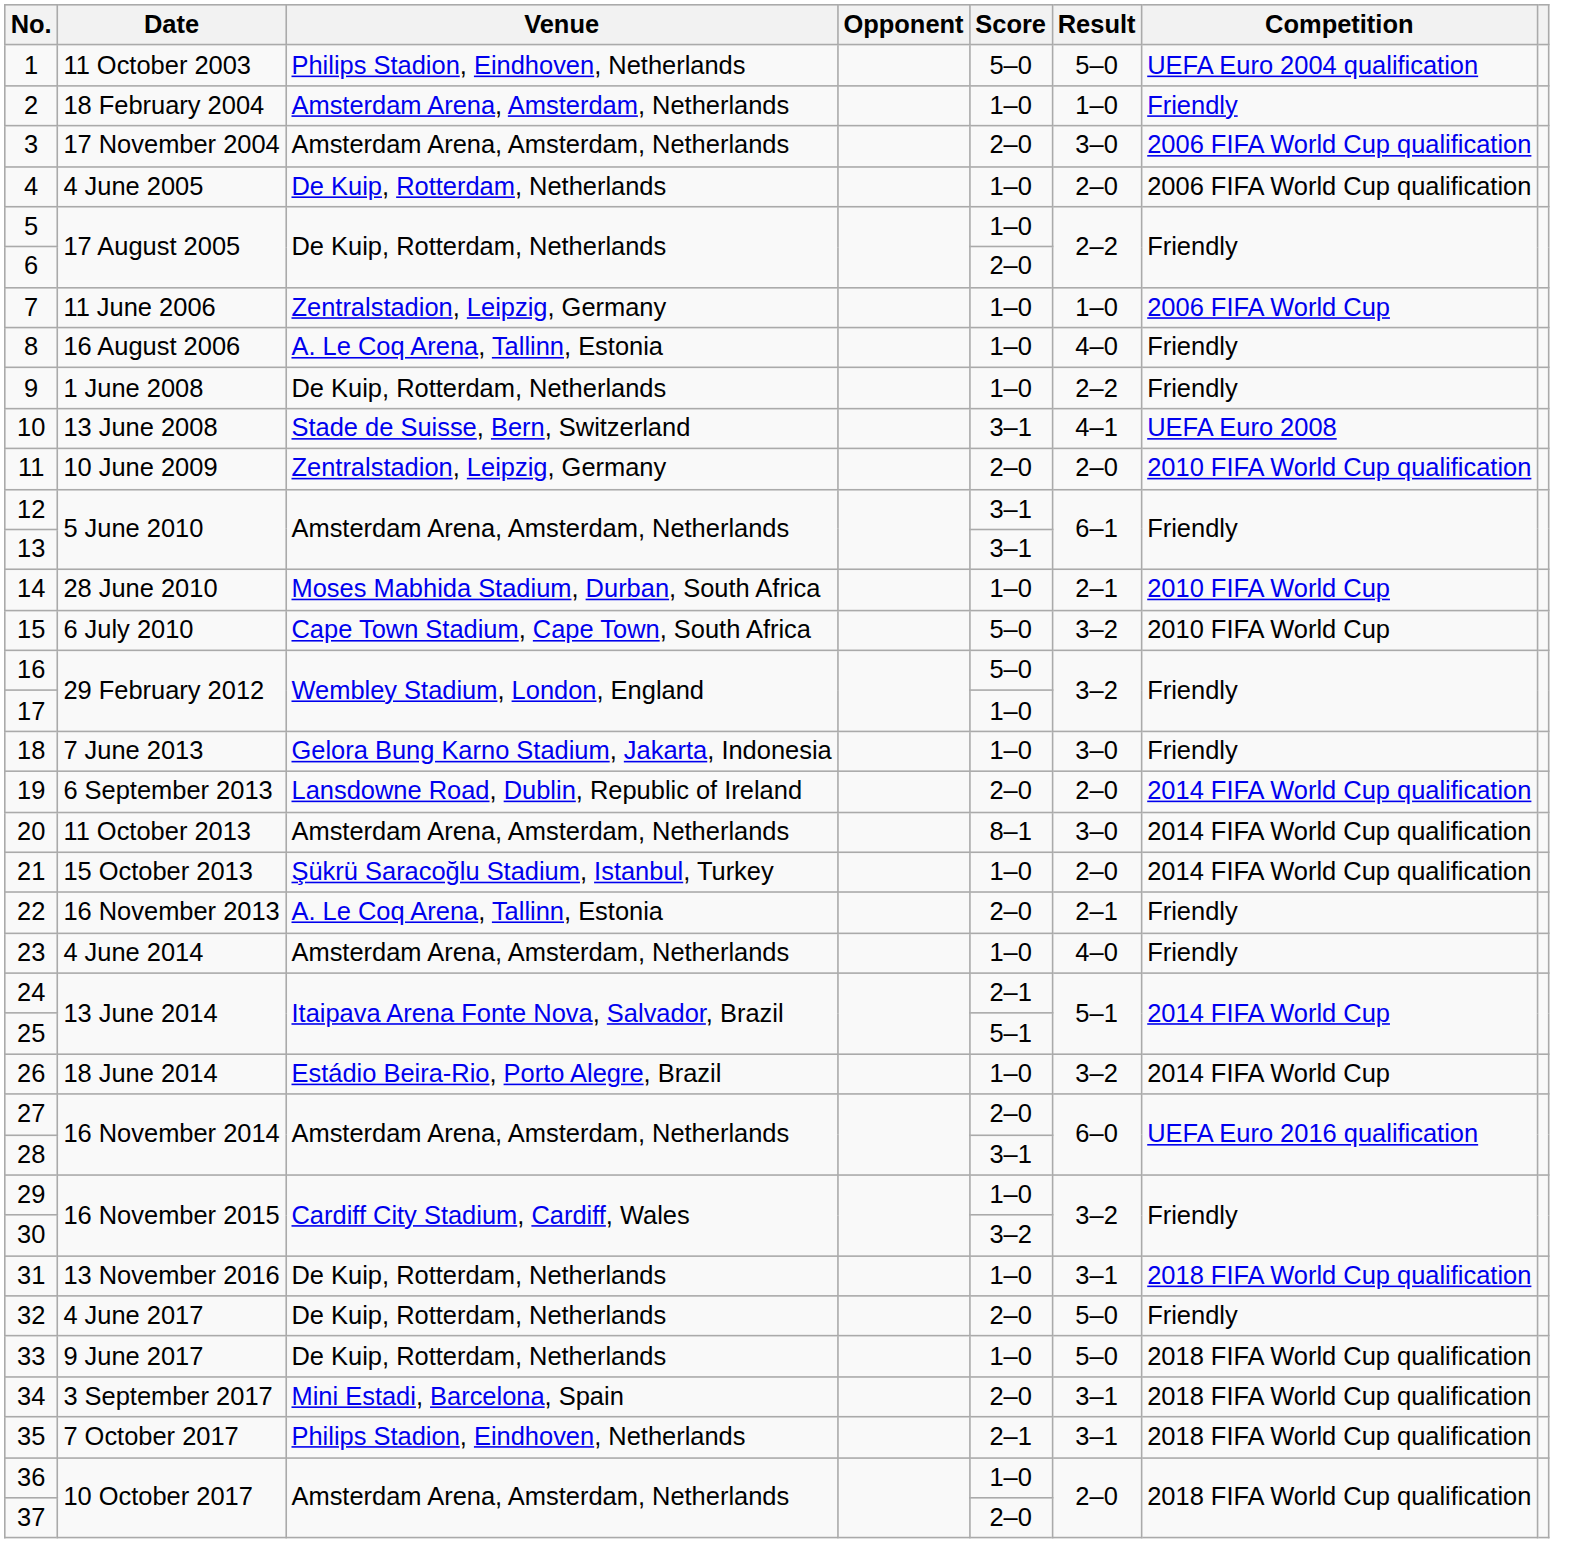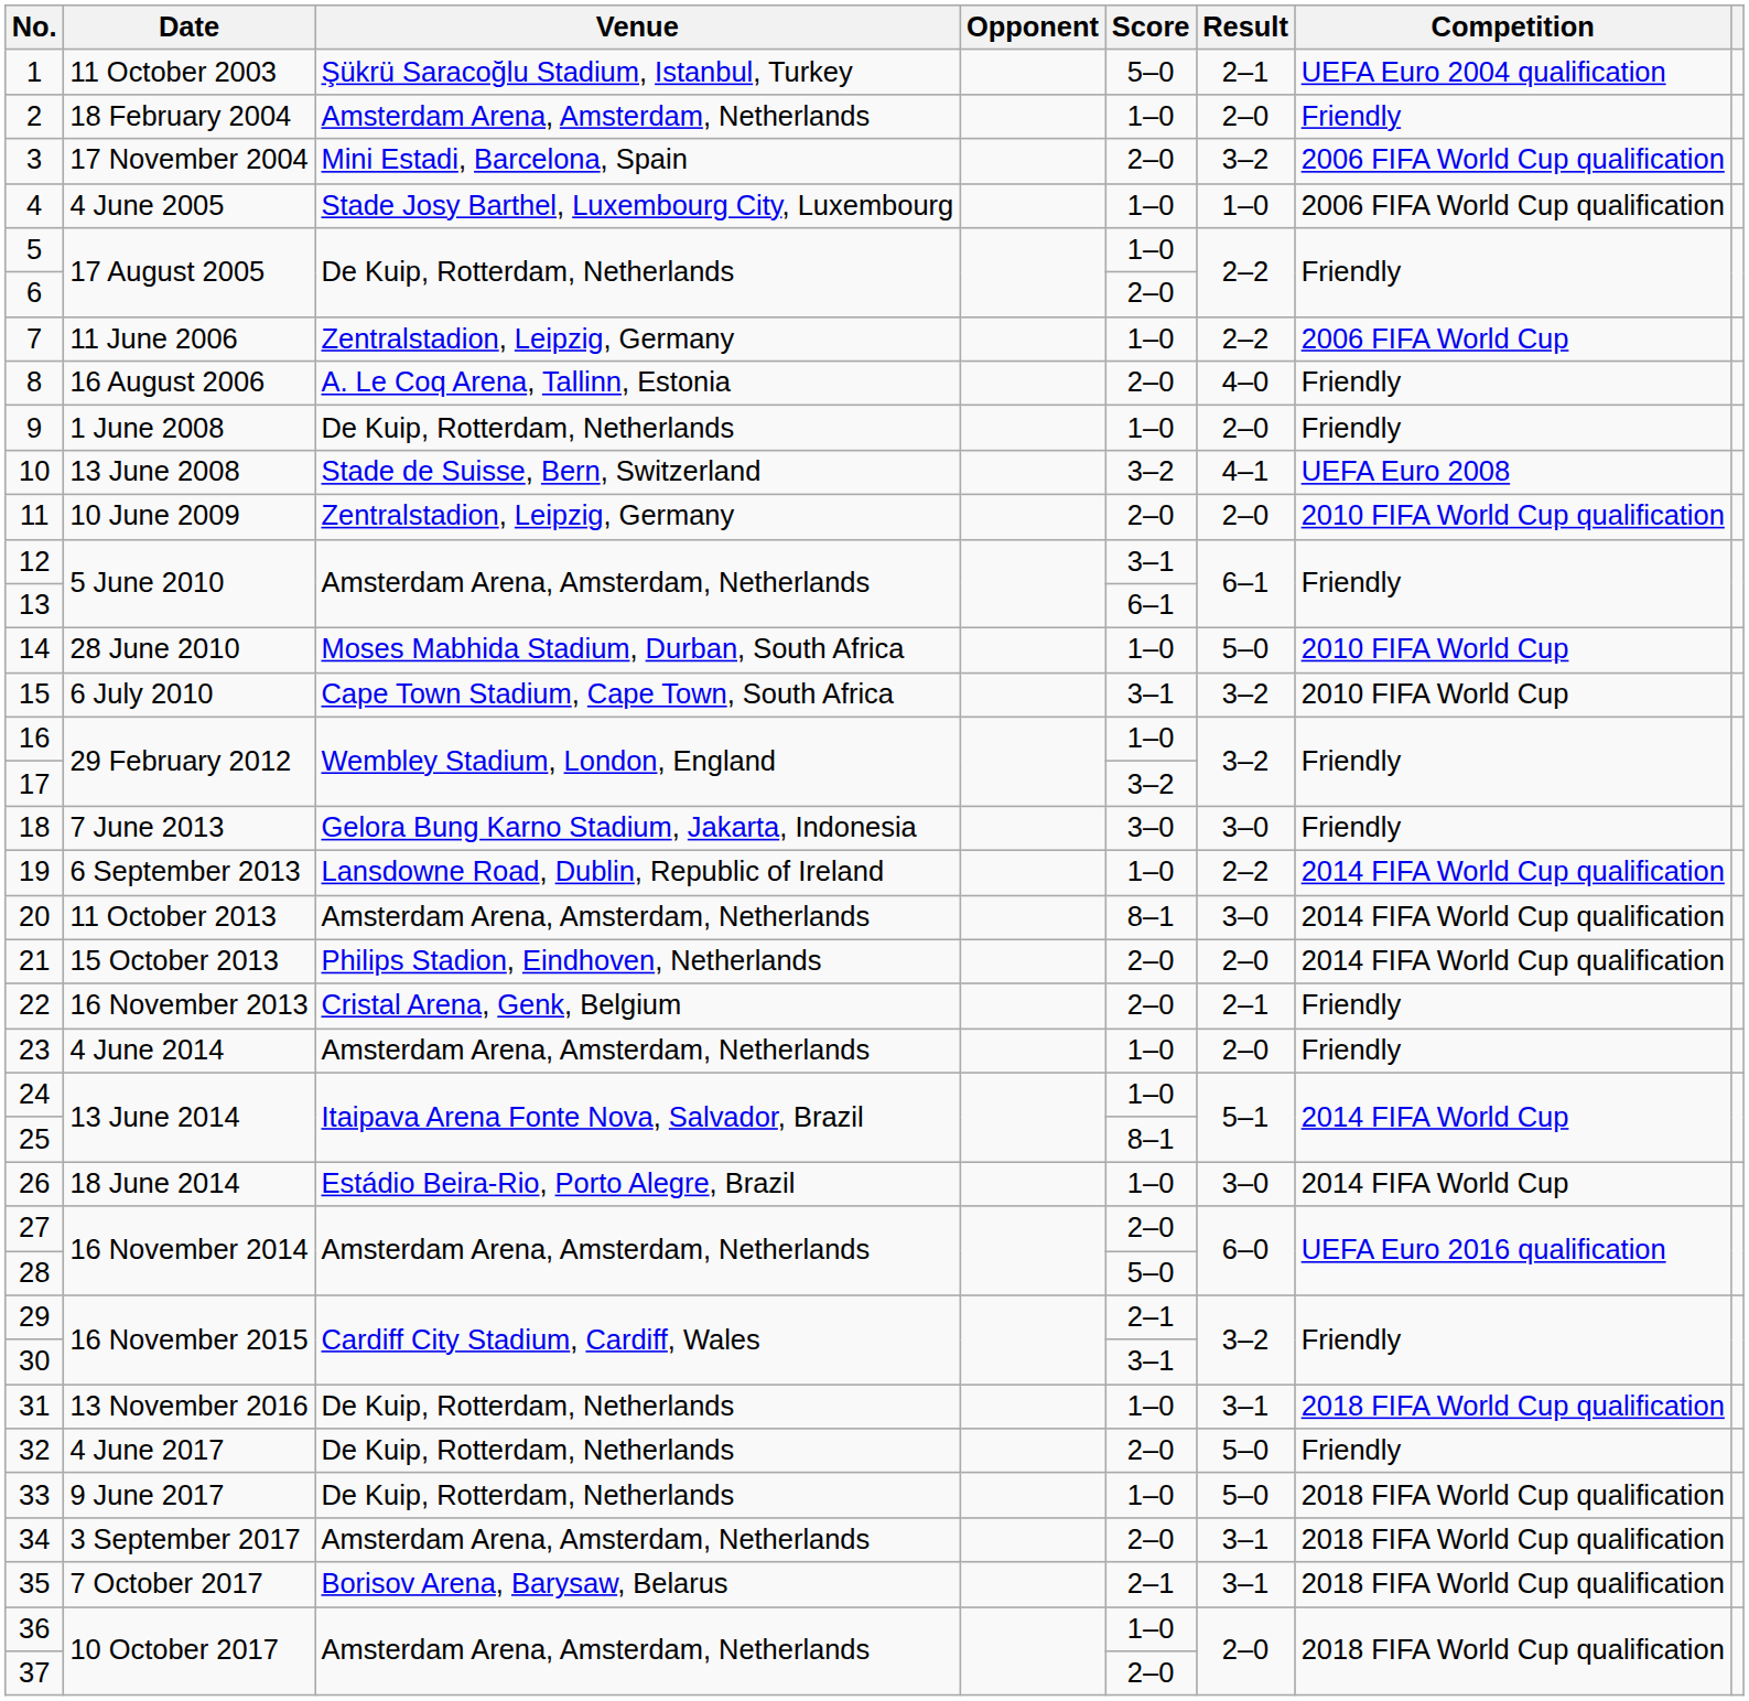 <table class="wikitable sortable">
 <tr>
 <th scope="col">No.</th>
 <th scope="col" data-sort-type="date">Date</th>
 <th scope="col">Venue</th>
 <th scope="col">Opponent</th>
 <th scope="col">Score</th>
 <th scope="col">Result</th>
 <th scope="col">Competition</th>
 <th scope="col" class="unsortable"></th>
 </tr>
 <tr>
 <td align="center">1</td>
 <td>11 October 2003</td>
-<td><a href='#'>Philips Stadion</a>, <a href='#'>Eindhoven</a>, Netherlands</td>
+<td><a href='#'>Şükrü Saracoğlu Stadium</a>, <a href='#'>Istanbul</a>, Turkey</td>
 <td></td>
 <td align="center">5–0</td>
-<td align="center">5–0</td>
+<td align="center">2–1</td>
 <td><a href='#'>UEFA Euro 2004 qualification</a></td>
 <td></td>
 </tr>
 <tr>
 <td align="center">2</td>
 <td>18 February 2004</td>
 <td><a href='#'>Amsterdam Arena</a>, <a href='#'>Amsterdam</a>, Netherlands</td>
 <td></td>
 <td align="center">1–0</td>
-<td align="center">1–0</td>
+<td align="center">2–0</td>
 <td><a href='#'>Friendly</a></td>
 <td></td>
 </tr>
 <tr>
 <td align="center">3</td>
 <td>17 November 2004</td>
-<td>Amsterdam Arena, Amsterdam, Netherlands</td>
+<td><a href='#'>Mini Estadi</a>, <a href='#'>Barcelona</a>, Spain</td>
 <td></td>
 <td align="center">2–0</td>
-<td align="center">3–0</td>
+<td align="center">3–2</td>
 <td><a href='#'>2006 FIFA World Cup qualification</a></td>
 <td></td>
 </tr>
 <tr>
 <td align="center">4</td>
 <td>4 June 2005</td>
-<td><a href='#'>De Kuip</a>, <a href='#'>Rotterdam</a>, Netherlands</td>
+<td><a href='#'>Stade Josy Barthel</a>, <a href='#'>Luxembourg City</a>, Luxembourg</td>
 <td></td>
 <td align="center">1–0</td>
-<td align="center">2–0</td>
+<td align="center">1–0</td>
 <td>2006 FIFA World Cup qualification</td>
 <td></td>
 </tr>
 <tr>
 <td align="center">5</td>
 <td rowspan="2">17 August 2005</td>
 <td rowspan="2">De Kuip, Rotterdam, Netherlands</td>
 <td rowspan="2"></td>
 <td align="center">1–0</td>
 <td rowspan="2" style="text-align:center">2–2</td>
 <td rowspan="2">Friendly</td>
 <td rowspan="2"></td>
 </tr>
 <tr>
 <td align="center">6</td>
 <td align="center">2–0</td>
 </tr>
 <tr>
 <td align="center">7</td>
 <td>11 June 2006</td>
 <td><a href='#'>Zentralstadion</a>, <a href='#'>Leipzig</a>, Germany</td>
 <td></td>
 <td align="center">1–0</td>
-<td align="center">1–0</td>
+<td align="center">2–2</td>
 <td><a href='#'>2006 FIFA World Cup</a></td>
 <td></td>
 </tr>
 <tr>
 <td align="center">8</td>
 <td>16 August 2006</td>
 <td><a href='#'>A. Le Coq Arena</a>, <a href='#'>Tallinn</a>, Estonia</td>
 <td></td>
-<td align="center">1–0</td>
+<td align="center">2–0</td>
 <td align="center">4–0</td>
 <td>Friendly</td>
 <td></td>
 </tr>
 <tr>
 <td align="center">9</td>
 <td>1 June 2008</td>
 <td>De Kuip, Rotterdam, Netherlands</td>
 <td></td>
 <td align="center">1–0</td>
-<td align="center">2–2</td>
+<td align="center">2–0</td>
 <td>Friendly</td>
 <td></td>
 </tr>
 <tr>
 <td align="center">10</td>
 <td>13 June 2008</td>
 <td><a href='#'>Stade de Suisse</a>, <a href='#'>Bern</a>, Switzerland</td>
 <td></td>
-<td align="center">3–1</td>
+<td align="center">3–2</td>
 <td align="center">4–1</td>
 <td><a href='#'>UEFA Euro 2008</a></td>
 <td></td>
 </tr>
 <tr>
 <td align="center">11</td>
 <td>10 June 2009</td>
 <td><a href='#'>Zentralstadion</a>, <a href='#'>Leipzig</a>, Germany</td>
 <td></td>
 <td align="center">2–0</td>
 <td align="center">2–0</td>
 <td><a href='#'>2010 FIFA World Cup qualification</a></td>
 <td></td>
 </tr>
 <tr>
 <td align="center">12</td>
 <td rowspan="2">5 June 2010</td>
 <td rowspan="2">Amsterdam Arena, Amsterdam, Netherlands</td>
 <td rowspan="2"></td>
 <td align="center">3–1</td>
 <td rowspan="2" style="text-align:center">6–1</td>
 <td rowspan="2">Friendly</td>
 <td rowspan="2"></td>
 </tr>
 <tr>
 <td align="center">13</td>
-<td align="center">3–1</td>
+<td align="center">6–1</td>
 </tr>
 <tr>
 <td align="center">14</td>
 <td>28 June 2010</td>
 <td><a href='#'>Moses Mabhida Stadium</a>, <a href='#'>Durban</a>, South Africa</td>
 <td></td>
 <td align="center">1–0</td>
-<td align="center">2–1</td>
+<td align="center">5–0</td>
 <td><a href='#'>2010 FIFA World Cup</a></td>
 <td></td>
 </tr>
 <tr>
 <td align="center">15</td>
 <td>6 July 2010</td>
 <td><a href='#'>Cape Town Stadium</a>, <a href='#'>Cape Town</a>, South Africa</td>
 <td></td>
-<td align="center">5–0</td>
+<td align="center">3–1</td>
 <td align="center">3–2</td>
 <td>2010 FIFA World Cup</td>
 <td></td>
 </tr>
 <tr>
 <td align="center">16</td>
 <td rowspan="2">29 February 2012</td>
 <td rowspan="2"><a href='#'>Wembley Stadium</a>, <a href='#'>London</a>, England</td>
 <td rowspan="2"></td>
-<td align="center">5–0</td>
+<td align="center">1–0</td>
 <td rowspan="2" style="text-align:center">3–2</td>
 <td rowspan="2">Friendly</td>
 <td rowspan="2"></td>
 </tr>
 <tr>
 <td align="center">17</td>
-<td align="center">1–0</td>
+<td align="center">3–2</td>
 </tr>
 <tr>
 <td align="center">18</td>
 <td>7 June 2013</td>
 <td><a href='#'>Gelora Bung Karno Stadium</a>, <a href='#'>Jakarta</a>, Indonesia</td>
 <td></td>
-<td align="center">1–0</td>
+<td align="center">3–0</td>
 <td align="center">3–0</td>
 <td>Friendly</td>
 <td></td>
 </tr>
 <tr>
 <td align="center">19</td>
 <td>6 September 2013</td>
 <td><a href='#'>Lansdowne Road</a>, <a href='#'>Dublin</a>, Republic of Ireland</td>
 <td></td>
-<td align="center">2–0</td>
-<td align="center">2–0</td>
+<td align="center">1–0</td>
+<td align="center">2–2</td>
 <td><a href='#'>2014 FIFA World Cup qualification</a></td>
 <td></td>
 </tr>
 <tr>
 <td align="center">20</td>
 <td>11 October 2013</td>
 <td>Amsterdam Arena, Amsterdam, Netherlands</td>
 <td></td>
 <td align="center">8–1</td>
 <td align="center">3–0</td>
 <td>2014 FIFA World Cup qualification</td>
 <td></td>
 </tr>
 <tr>
 <td align="center">21</td>
 <td>15 October 2013</td>
-<td><a href='#'>Şükrü Saracoğlu Stadium</a>, <a href='#'>Istanbul</a>, Turkey</td>
+<td><a href='#'>Philips Stadion</a>, <a href='#'>Eindhoven</a>, Netherlands</td>
 <td></td>
-<td align="center">1–0</td>
+<td align="center">2–0</td>
 <td align="center">2–0</td>
 <td>2014 FIFA World Cup qualification</td>
 <td></td>
 </tr>
 <tr>
 <td align="center">22</td>
 <td>16 November 2013</td>
-<td><a href='#'>A. Le Coq Arena</a>, <a href='#'>Tallinn</a>, Estonia</td>
+<td><a href='#'>Cristal Arena</a>, <a href='#'>Genk</a>, Belgium</td>
 <td></td>
 <td align="center">2–0</td>
 <td align="center">2–1</td>
 <td>Friendly</td>
 <td></td>
 </tr>
 <tr>
 <td align="center">23</td>
 <td>4 June 2014</td>
 <td>Amsterdam Arena, Amsterdam, Netherlands</td>
 <td></td>
 <td align="center">1–0</td>
-<td align="center">4–0</td>
+<td align="center">2–0</td>
 <td>Friendly</td>
 <td></td>
 </tr>
 <tr>
 <td align="center">24</td>
 <td rowspan="2">13 June 2014</td>
 <td rowspan="2"><a href='#'>Itaipava Arena Fonte Nova</a>, <a href='#'>Salvador</a>, Brazil</td>
 <td rowspan="2"></td>
-<td align="center">2–1</td>
+<td align="center">1–0</td>
 <td rowspan="2" style="text-align:center">5–1</td>
 <td rowspan="2"><a href='#'>2014 FIFA World Cup</a></td>
 <td rowspan="2"></td>
 </tr>
 <tr>
 <td align="center">25</td>
-<td align="center">5–1</td>
+<td align="center">8–1</td>
 </tr>
 <tr>
 <td align="center">26</td>
 <td>18 June 2014</td>
 <td><a href='#'>Estádio Beira-Rio</a>, <a href='#'>Porto Alegre</a>, Brazil</td>
 <td></td>
 <td align="center">1–0</td>
-<td align="center">3–2</td>
+<td align="center">3–0</td>
 <td>2014 FIFA World Cup</td>
 <td></td>
 </tr>
 <tr>
 <td align="center">27</td>
 <td rowspan="2">16 November 2014</td>
 <td rowspan="2">Amsterdam Arena, Amsterdam, Netherlands</td>
 <td rowspan="2"></td>
 <td align="center">2–0</td>
 <td rowspan="2" style="text-align:center">6–0</td>
 <td rowspan="2"><a href='#'>UEFA Euro 2016 qualification</a></td>
 <td rowspan="2"></td>
 </tr>
 <tr>
 <td align="center">28</td>
-<td align="center">3–1</td>
+<td align="center">5–0</td>
 </tr>
 <tr>
 <td align="center">29</td>
 <td rowspan="2">16 November 2015</td>
 <td rowspan="2"><a href='#'>Cardiff City Stadium</a>, <a href='#'>Cardiff</a>, Wales</td>
 <td rowspan="2"></td>
-<td align="center">1–0</td>
+<td align="center">2–1</td>
 <td rowspan="2" style="text-align:center">3–2</td>
 <td rowspan="2">Friendly</td>
 <td rowspan="2"></td>
 </tr>
 <tr>
 <td align="center">30</td>
-<td align="center">3–2</td>
+<td align="center">3–1</td>
 </tr>
 <tr>
 <td align="center">31</td>
 <td>13 November 2016</td>
 <td>De Kuip, Rotterdam, Netherlands</td>
 <td></td>
 <td align="center">1–0</td>
 <td align="center">3–1</td>
 <td><a href='#'>2018 FIFA World Cup qualification</a></td>
 <td></td>
 </tr>
 <tr>
 <td align="center">32</td>
 <td>4 June 2017</td>
 <td>De Kuip, Rotterdam, Netherlands</td>
 <td></td>
 <td align="center">2–0</td>
 <td align="center">5–0</td>
 <td>Friendly</td>
 <td></td>
 </tr>
 <tr>
 <td align="center">33</td>
 <td>9 June 2017</td>
 <td>De Kuip, Rotterdam, Netherlands</td>
 <td></td>
 <td align="center">1–0</td>
 <td align="center">5–0</td>
 <td>2018 FIFA World Cup qualification</td>
 <td></td>
 </tr>
 <tr>
 <td align="center">34</td>
 <td>3 September 2017</td>
-<td><a href='#'>Mini Estadi</a>, <a href='#'>Barcelona</a>, Spain</td>
+<td>Amsterdam Arena, Amsterdam, Netherlands</td>
 <td></td>
 <td align="center">2–0</td>
 <td align="center">3–1</td>
 <td>2018 FIFA World Cup qualification</td>
 <td></td>
 </tr>
 <tr>
 <td align="center">35</td>
 <td>7 October 2017</td>
-<td><a href='#'>Philips Stadion</a>, <a href='#'>Eindhoven</a>, Netherlands</td>
+<td><a href='#'>Borisov Arena</a>, <a href='#'>Barysaw</a>, Belarus</td>
 <td></td>
 <td align="center">2–1</td>
 <td align="center">3–1</td>
 <td>2018 FIFA World Cup qualification</td>
 <td></td>
 </tr>
 <tr>
 <td align="center">36</td>
 <td rowspan="2">10 October 2017</td>
 <td rowspan="2">Amsterdam Arena, Amsterdam, Netherlands</td>
 <td rowspan="2"></td>
 <td align="center">1–0</td>
 <td rowspan="2" style="text-align:center">2–0</td>
 <td rowspan="2">2018 FIFA World Cup qualification</td>
 <td rowspan="2"></td>
 </tr>
 <tr>
 <td align="center">37</td>
 <td align="center">2–0</td>
 </tr>
 </table>
